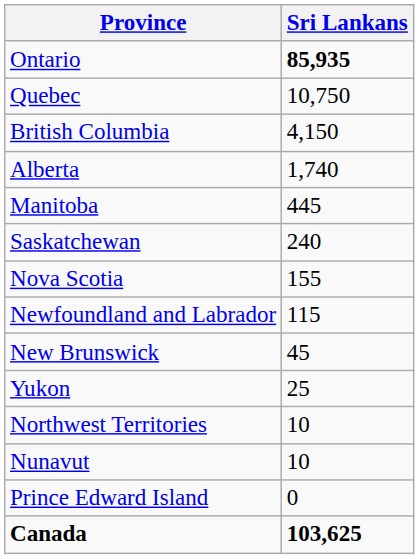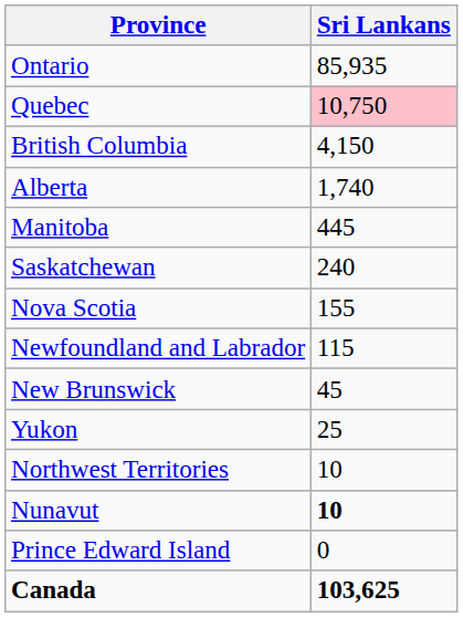 <table class="wikitable">
 <tr>
 <th><a href='#'>Province</a></th>
 <th><a href='#'>Sri Lankans</a></th>
 </tr>
 <tr>
 <td> <a href='#'>Ontario</a></td>
-<td><strong>85,935</strong></td>
+<td>85,935</td>
 </tr>
 <tr>
 <td> <a href='#'>Quebec</a></td>
-<td>10,750</td>
+<td style="background: pink;">10,750</td>
 </tr>
 <tr>
 <td> <a href='#'>British Columbia</a></td>
 <td>4,150</td>
 </tr>
 <tr>
 <td> <a href='#'>Alberta</a></td>
 <td>1,740</td>
 </tr>
 <tr>
 <td> <a href='#'>Manitoba</a></td>
 <td>445</td>
 </tr>
 <tr>
 <td> <a href='#'>Saskatchewan</a></td>
 <td>240</td>
 </tr>
 <tr>
 <td> <a href='#'>Nova Scotia</a></td>
 <td>155</td>
 </tr>
 <tr>
 <td> <a href='#'>Newfoundland and Labrador</a></td>
 <td>115</td>
 </tr>
 <tr>
 <td> <a href='#'>New Brunswick</a></td>
 <td>45</td>
 </tr>
 <tr>
 <td> <a href='#'>Yukon</a></td>
 <td>25</td>
 </tr>
 <tr>
 <td> <a href='#'>Northwest Territories</a></td>
 <td>10</td>
 </tr>
 <tr>
 <td> <a href='#'>Nunavut</a></td>
-<td>10</td>
+<td><strong>10</strong></td>
 </tr>
 <tr>
 <td> <a href='#'>Prince Edward Island</a></td>
 <td>0</td>
 </tr>
 <tr>
 <td> <strong>Canada</strong></td>
 <td><strong>103,625</strong></td>
 </tr>
 </table>
